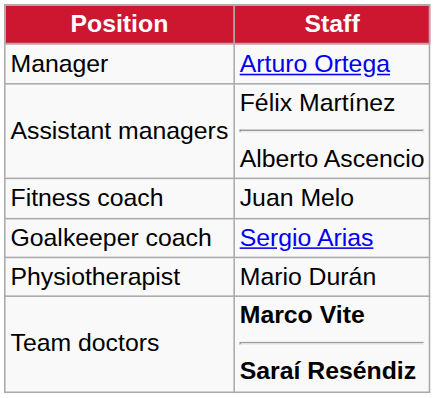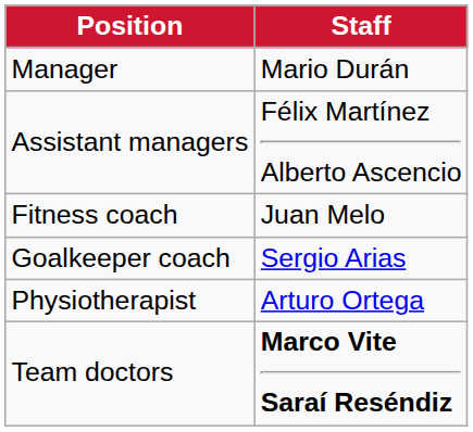 <table class="wikitable">
 <tr>
 <th style=background-color:#CD1731;color:#FFFFFF>Position</th>
 <th style=background-color:#CD1731;color:#FFFFFF>Staff</th>
 </tr>
 <tr>
 <td>Manager</td>
-<td> <a href='#'>Arturo Ortega</a></td>
+<td> Mario Durán</td>
 </tr>
 <tr>
 <td>Assistant managers</td>
 <td> Félix Martínez<hr> Alberto Ascencio</td>
 </tr>
 <tr>
 <td>Fitness coach</td>
 <td> Juan Melo</td>
 </tr>
 <tr>
 <td>Goalkeeper coach</td>
 <td> <a href='#'>Sergio Arias</a></td>
 </tr>
 <tr>
 <td>Physiotherapist</td>
-<td> Mario Durán</td>
+<td> <a href='#'>Arturo Ortega</a></td>
 </tr>
 <tr>
 <td>Team doctors</td>
 <td><strong> Marco Vite<hr> Saraí Reséndiz</strong></td>
 </tr>
 </table>
